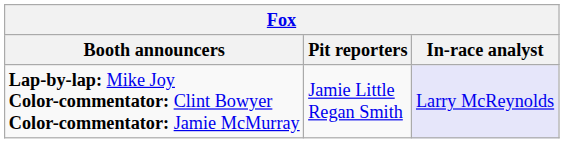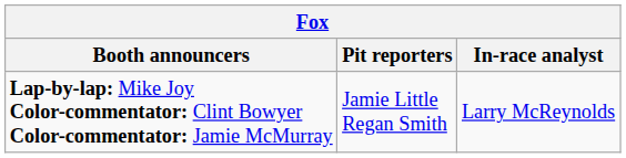 <table class="wikitable" style="font-size: 95%">
 <tr>
 <th colspan="3"><a href='#'>Fox</a></th>
 </tr>
 <tr>
 <th>Booth announcers</th>
 <th>Pit reporters</th>
 <th>In-race analyst</th>
 </tr>
 <tr>
 <td><strong>Lap-by-lap:</strong> <a href='#'>Mike Joy</a><br><strong>Color-commentator:</strong> <a href='#'>Clint Bowyer</a><br><strong>Color-commentator:</strong> <a href='#'>Jamie McMurray</a></td>
 <td><a href='#'>Jamie Little</a><br><a href='#'>Regan Smith</a></td>
-<td style="background: lavender;"><a href='#'>Larry McReynolds</a></td>
+<td><a href='#'>Larry McReynolds</a></td>
 </tr>
 </table>
